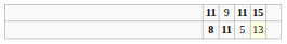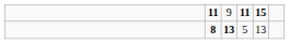 <table class="wikitable">
 <tr>
 <td style="width:18em"></td>
 <td align=center style="width:1em"><strong>11</strong></td>
 <td align=center style="width:1em">9</td>
 <td align=center style="width:1em"><strong>11</strong></td>
 <td align=center style="width:1em"><strong>15</strong></td>
 <td align=center style="width:1em"></td>
 </tr>
 <tr>
 <td style="width:18em"></td>
 <td align=center style="width:1em"><strong>8</strong></td>
-<td align=center style="width:1em"><strong>11</strong></td>
+<td align=center style="width:1em"><strong>13</strong></td>
 <td align=center style="width:1em">5</td>
-<td align=center style="background: lightyellow; width:1em">13</td>
+<td align=center style="width:1em">13</td>
 <td align=center style="width:1em"></td>
 </tr>
 </table>
